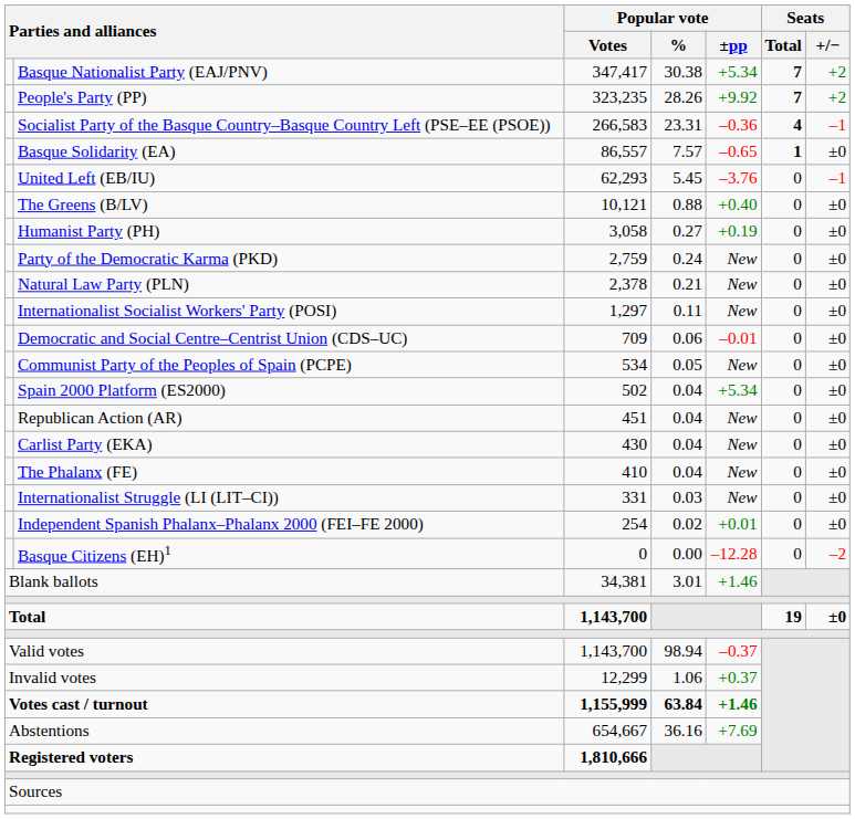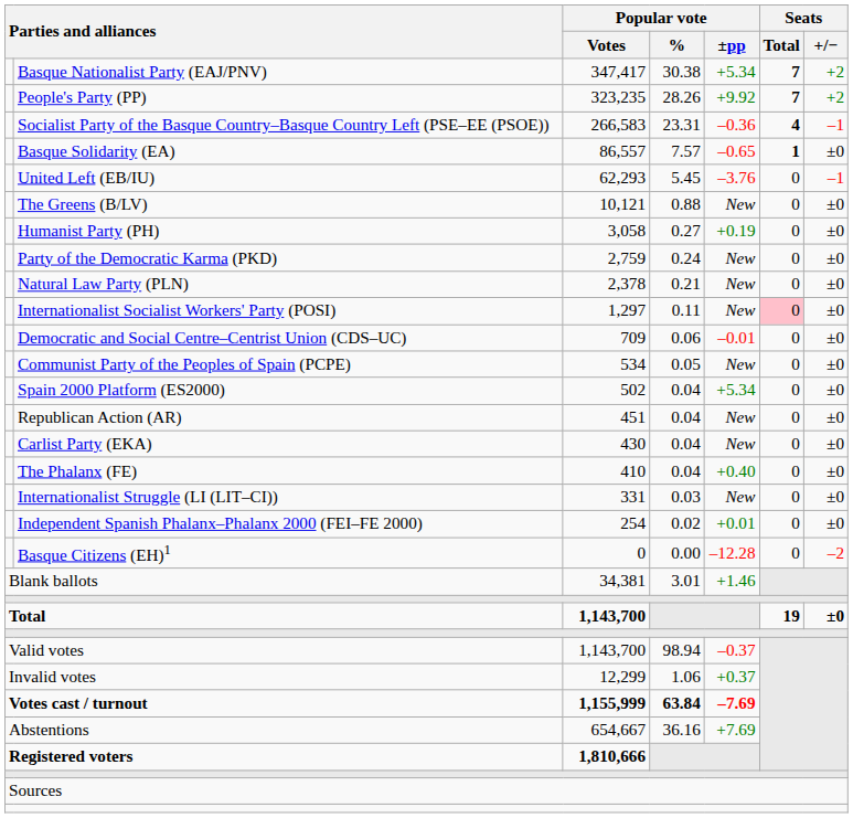 <table class="wikitable" style="text-align:right;">
 <tr>
 <th style="text-align:left;" rowspan="2" colspan="2" width="525">Parties and alliances</th>
 <th colspan="3">Popular vote</th>
 <th colspan="2">Seats</th>
 </tr>
 <tr>
 <th width="75">Votes</th>
 <th width="45">%</th>
 <th width="45">±<a href='#'>pp</a></th>
 <th width="35">Total</th>
 <th width="35">+/−</th>
 </tr>
 <tr>
 <td width="1" style="color:inherit;background:"></td>
 <td align="left"><a href='#'>Basque Nationalist Party</a> (EAJ/PNV)</td>
 <td>347,417</td>
 <td>30.38</td>
 <td style="color:green;">+5.34</td>
 <td><strong>7</strong></td>
 <td style="color:green;">+2</td>
 </tr>
 <tr>
 <td style="color:inherit;background:"></td>
 <td align="left"><a href='#'>People's Party</a> (PP)</td>
 <td>323,235</td>
 <td>28.26</td>
 <td style="color:green;">+9.92</td>
 <td><strong>7</strong></td>
 <td style="color:green;">+2</td>
 </tr>
 <tr>
 <td style="color:inherit;background:"></td>
 <td align="left"><a href='#'>Socialist Party of the Basque Country–Basque Country Left</a> (PSE–EE (PSOE))</td>
 <td>266,583</td>
 <td>23.31</td>
 <td style="color:red;">–0.36</td>
 <td><strong>4</strong></td>
 <td style="color:red;">–1</td>
 </tr>
 <tr>
 <td style="color:inherit;background:"></td>
 <td align="left"><a href='#'>Basque Solidarity</a> (EA)</td>
 <td>86,557</td>
 <td>7.57</td>
 <td style="color:red;">–0.65</td>
 <td><strong>1</strong></td>
 <td>±0</td>
 </tr>
 <tr>
 <td style="color:inherit;background:"></td>
 <td align="left"><a href='#'>United Left</a> (EB/IU)</td>
 <td>62,293</td>
 <td>5.45</td>
 <td style="color:red;">–3.76</td>
 <td>0</td>
 <td style="color:red;">–1</td>
 </tr>
 <tr>
 <td style="color:inherit;background:"></td>
 <td align="left"><a href='#'>The Greens</a> (B/LV)</td>
 <td>10,121</td>
 <td>0.88</td>
-<td style="color:green;">+0.40</td>
+<td><em>New</em></td>
 <td>0</td>
 <td>±0</td>
 </tr>
 <tr>
 <td style="color:inherit;background:"></td>
 <td align="left"><a href='#'>Humanist Party</a> (PH)</td>
 <td>3,058</td>
 <td>0.27</td>
 <td style="color:green;">+0.19</td>
 <td>0</td>
 <td>±0</td>
 </tr>
 <tr>
 <td style="color:inherit;background:"></td>
 <td align="left"><a href='#'>Party of the Democratic Karma</a> (PKD)</td>
 <td>2,759</td>
 <td>0.24</td>
 <td><em>New</em></td>
 <td>0</td>
 <td>±0</td>
 </tr>
 <tr>
 <td style="color:inherit;background:"></td>
 <td align="left"><a href='#'>Natural Law Party</a> (PLN)</td>
 <td>2,378</td>
 <td>0.21</td>
 <td><em>New</em></td>
 <td>0</td>
 <td>±0</td>
 </tr>
 <tr>
 <td style="color:inherit;background:"></td>
 <td align="left"><a href='#'>Internationalist Socialist Workers' Party</a> (POSI)</td>
 <td>1,297</td>
 <td>0.11</td>
 <td><em>New</em></td>
-<td>0</td>
+<td style="background: pink;">0</td>
 <td>±0</td>
 </tr>
 <tr>
 <td style="color:inherit;background:"></td>
 <td align="left"><a href='#'>Democratic and Social Centre–Centrist Union</a> (CDS–UC)</td>
 <td>709</td>
 <td>0.06</td>
 <td style="color:red;">–0.01</td>
 <td>0</td>
 <td>±0</td>
 </tr>
 <tr>
 <td style="color:inherit;background:"></td>
 <td align="left"><a href='#'>Communist Party of the Peoples of Spain</a> (PCPE)</td>
 <td>534</td>
 <td>0.05</td>
 <td><em>New</em></td>
 <td>0</td>
 <td>±0</td>
 </tr>
 <tr>
 <td style="color:inherit;background:"></td>
 <td align="left"><a href='#'>Spain 2000 Platform</a> (ES2000)</td>
 <td>502</td>
 <td>0.04</td>
 <td style="color:green;">+5.34</td>
 <td>0</td>
 <td>±0</td>
 </tr>
 <tr>
 <td style="color:inherit;background:"></td>
 <td align="left">Republican Action (AR)</td>
 <td>451</td>
 <td>0.04</td>
 <td><em>New</em></td>
 <td>0</td>
 <td>±0</td>
 </tr>
 <tr>
 <td style="color:inherit;background:"></td>
 <td align="left"><a href='#'>Carlist Party</a> (EKA)</td>
 <td>430</td>
 <td>0.04</td>
 <td><em>New</em></td>
 <td>0</td>
 <td>±0</td>
 </tr>
 <tr>
 <td style="color:inherit;background:"></td>
 <td align="left"><a href='#'>The Phalanx</a> (FE)</td>
 <td>410</td>
 <td>0.04</td>
-<td><em>New</em></td>
+<td style="color:green;">+0.40</td>
 <td>0</td>
 <td>±0</td>
 </tr>
 <tr>
 <td style="color:inherit;background:"></td>
 <td align="left"><a href='#'>Internationalist Struggle</a> (LI (LIT–CI))</td>
 <td>331</td>
 <td>0.03</td>
 <td><em>New</em></td>
 <td>0</td>
 <td>±0</td>
 </tr>
 <tr>
 <td style="color:inherit;background:"></td>
 <td align="left"><a href='#'>Independent Spanish Phalanx–Phalanx 2000</a> (FEI–FE 2000)</td>
 <td>254</td>
 <td>0.02</td>
 <td style="color:green;">+0.01</td>
 <td>0</td>
 <td>±0</td>
 </tr>
 <tr>
 <td style="color:inherit;background:"></td>
 <td align="left"><a href='#'>Basque Citizens</a> (EH)<sup>1</sup></td>
 <td>0</td>
 <td>0.00</td>
 <td style="color:red;">–12.28</td>
 <td>0</td>
 <td style="color:red;">–2</td>
 </tr>
 <tr>
 <td align="left" colspan="2">Blank ballots</td>
 <td>34,381</td>
 <td>3.01</td>
 <td style="color:green;">+1.46</td>
 <td bgcolor="#E9E9E9" colspan="2"></td>
 </tr>
 <tr>
 <td colspan="7" bgcolor="#E9E9E9"></td>
 </tr>
 <tr style="font-weight:bold;">
 <td align="left" colspan="2">Total</td>
 <td>1,143,700</td>
 <td bgcolor="#E9E9E9" colspan="2"></td>
 <td>19</td>
 <td>±0</td>
 </tr>
 <tr>
 <td colspan="7" bgcolor="#E9E9E9"></td>
 </tr>
 <tr>
 <td align="left" colspan="2">Valid votes</td>
 <td>1,143,700</td>
 <td>98.94</td>
 <td style="color:red;">–0.37</td>
 <td bgcolor="#E9E9E9" colspan="2" rowspan="5"></td>
 </tr>
 <tr>
 <td align="left" colspan="2">Invalid votes</td>
 <td>12,299</td>
 <td>1.06</td>
 <td style="color:green;">+0.37</td>
 </tr>
 <tr style="font-weight:bold;">
 <td align="left" colspan="2">Votes cast / turnout</td>
 <td>1,155,999</td>
 <td>63.84</td>
-<td style="color:green;">+1.46</td>
+<td style="color:red;">–7.69</td>
 </tr>
 <tr>
 <td align="left" colspan="2">Abstentions</td>
 <td>654,667</td>
 <td>36.16</td>
 <td style="color:green;">+7.69</td>
 </tr>
 <tr style="font-weight:bold;">
 <td align="left" colspan="2">Registered voters</td>
 <td>1,810,666</td>
 <td bgcolor="#E9E9E9" colspan="2"></td>
 </tr>
 <tr>
 <td colspan="7" bgcolor="#E9E9E9"></td>
 </tr>
 <tr>
 <td align="left" colspan="7">Sources</td>
 </tr>
 <tr>
 <td colspan="7" style="text-align:left; max-width:790px;"></td>
 </tr>
 </table>
